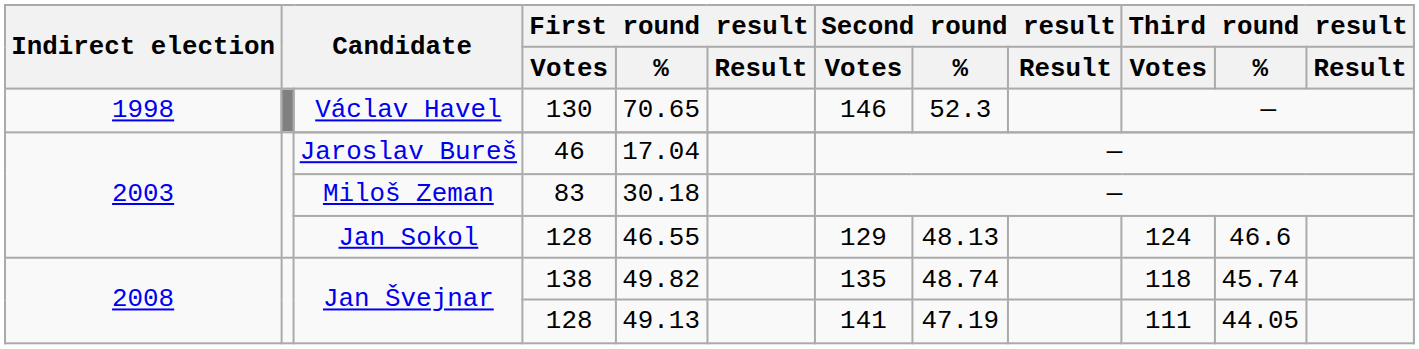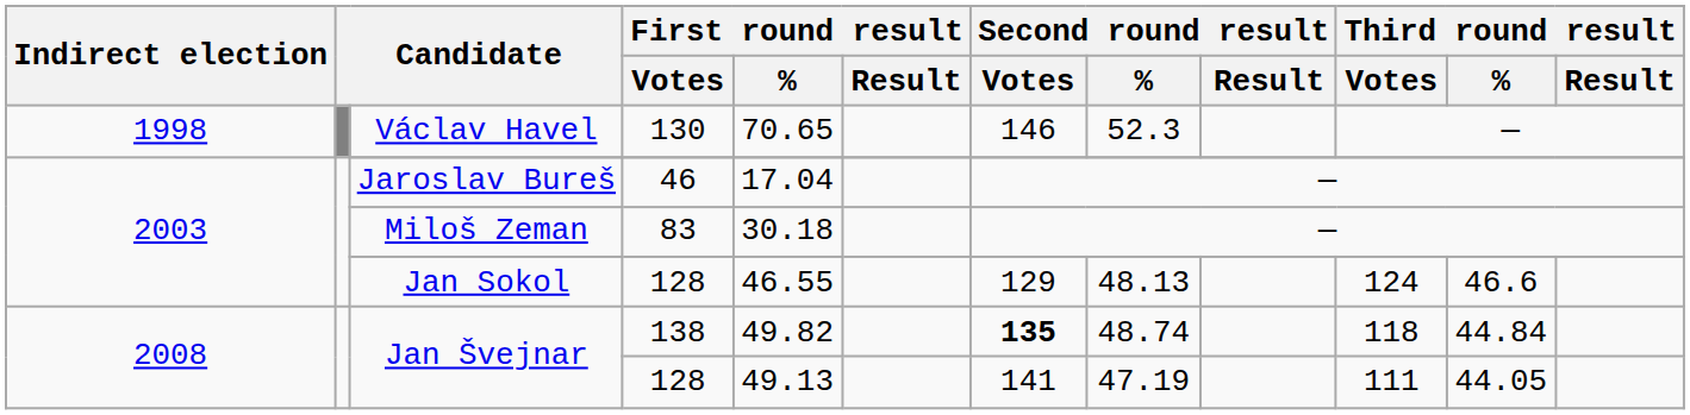 <table class="wikitable" style=text-align:center>
 <tr>
 <th rowspan="2">Indirect election</th>
 <th rowspan="2" colspan=2>Candidate</th>
 <th colspan=3>First round result</th>
 <th colspan=3>Second round result</th>
 <th colspan=3>Third round result</th>
 </tr>
 <tr>
 <th>Votes</th>
 <th>%</th>
 <th>Result</th>
 <th>Votes</th>
 <th>%</th>
 <th>Result</th>
 <th>Votes</th>
 <th>%</th>
 <th>Result</th>
 </tr>
 <tr>
 <td><a href='#'>1998</a></td>
 <td bgcolor="grey"></td>
 <td><a href='#'>Václav Havel</a></td>
 <td>130</td>
 <td>70.65</td>
 <td></td>
 <td>146</td>
 <td>52.3</td>
 <td></td>
 <td colspan=3 align=center>—</td>
 </tr>
 <tr>
 <td rowspan=4><a href='#'>2003</a></td>
 <td rowspan=4; style="background-color: "></td>
 </tr>
 <tr>
 <td><a href='#'>Jaroslav Bureš</a></td>
 <td>46</td>
 <td>17.04</td>
 <td></td>
 <td colspan=6 align=center>—</td>
 </tr>
 <tr>
 <td><a href='#'>Miloš Zeman</a></td>
 <td>83</td>
 <td>30.18</td>
 <td></td>
 <td colspan=6 align=center>—</td>
 </tr>
 <tr>
 <td><a href='#'>Jan Sokol</a></td>
 <td>128</td>
 <td>46.55</td>
 <td></td>
 <td>129</td>
 <td>48.13</td>
 <td></td>
 <td>124</td>
 <td>46.6</td>
 <td></td>
 </tr>
 <tr>
 <td rowspan=2><a href='#'>2008</a></td>
 <td rowspan=2; style="background-color: "></td>
 <td rowspan=2><a href='#'>Jan Švejnar</a></td>
 <td>138</td>
 <td>49.82</td>
 <td></td>
-<td>135</td>
+<td><strong>135</strong></td>
 <td>48.74</td>
 <td></td>
 <td>118</td>
-<td>45.74</td>
+<td>44.84</td>
 <td></td>
 </tr>
 <tr>
 <td>128</td>
 <td>49.13</td>
 <td></td>
 <td>141</td>
 <td>47.19</td>
 <td></td>
 <td>111</td>
 <td>44.05</td>
 <td></td>
 </tr>
 </table>
